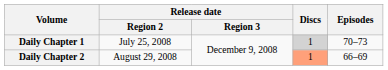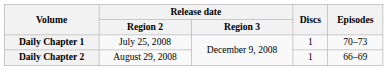 <table class="wikitable" style="width: 50%; text-align: center;">
 <tr>
 <th rowspan=2>Volume</th>
 <th colspan=2>Release date</th>
 <th rowspan=2>Discs</th>
 <th rowspan=2>Episodes</th>
 </tr>
 <tr>
 <th>Region 2</th>
 <th>Region 3</th>
 </tr>
 <tr>
 <th>Daily Chapter 1</th>
 <td>July 25, 2008</td>
 <td rowspan=2>December 9, 2008</td>
-<td style="background: lightgrey;">1</td>
+<td>1</td>
 <td>70–73</td>
 </tr>
 <tr>
 <th>Daily Chapter 2</th>
 <td>August 29, 2008</td>
-<td style="background: lightsalmon;">1</td>
+<td>1</td>
 <td>66–69</td>
 </tr>
 </table>
